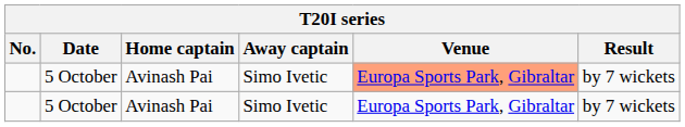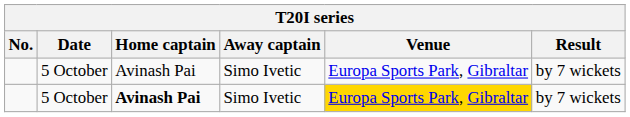 <table class="wikitable">
 <tr>
 <th colspan="6">T20I series</th>
 </tr>
 <tr>
 <th>No.</th>
 <th>Date</th>
 <th>Home captain</th>
 <th>Away captain</th>
 <th>Venue</th>
 <th>Result</th>
 </tr>
 <tr>
 <td></td>
 <td>5 October</td>
 <td>Avinash Pai</td>
 <td>Simo Ivetic</td>
-<td style="background: lightsalmon;"><a href='#'>Europa Sports Park</a>, <a href='#'>Gibraltar</a></td>
+<td><a href='#'>Europa Sports Park</a>, <a href='#'>Gibraltar</a></td>
 <td> by 7 wickets</td>
 </tr>
 <tr>
 <td></td>
 <td>5 October</td>
-<td>Avinash Pai</td>
+<td><strong>Avinash Pai</strong></td>
 <td>Simo Ivetic</td>
-<td><a href='#'>Europa Sports Park</a>, <a href='#'>Gibraltar</a></td>
+<td style="background: gold;"><a href='#'>Europa Sports Park</a>, <a href='#'>Gibraltar</a></td>
 <td> by 7 wickets</td>
 </tr>
 </table>
